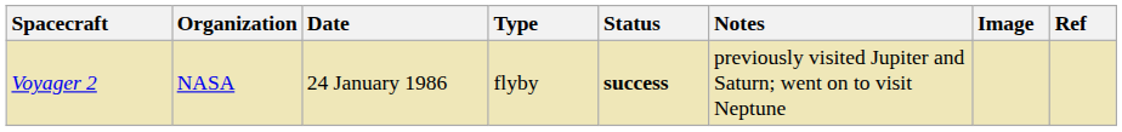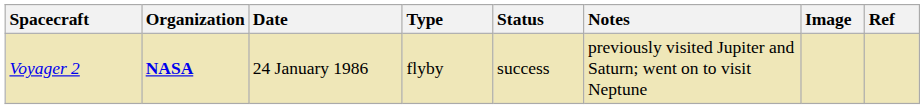 <table class="wikitable" style="margin: 1em auto 1em auto; width:90%; font-size:95%;">
 <tr>
 <th colspan="2"  style="text-align:left; width:15%;">Spacecraft</th>
 <th style="text-align:left; width:11%;">Organization</th>
 <th style="text-align:left; width:17%;">Date</th>
 <th style="text-align:left; width:10%;">Type</th>
 <th style="text-align:left; width:10%;">Status</th>
 <th style="text-align:left; width:24%;">Notes</th>
 <th style="text-align:left; width:7%;">Image</th>
 <th style="text-align:left; width:6%;">Ref</th>
 </tr>
 <tr style="background:#EFE7B8">
 <td colspan="2"><em><a href='#'>Voyager 2</a></em></td>
-<td> <a href='#'>NASA</a></td>
+<td><strong> <a href='#'>NASA</a></strong></td>
 <td>24 January 1986</td>
 <td>flyby</td>
-<td><strong>success</strong></td>
+<td>success</td>
 <td>previously visited Jupiter and Saturn; went on to visit Neptune</td>
 <td></td>
 <td><br></td>
 </tr>
 </table>
